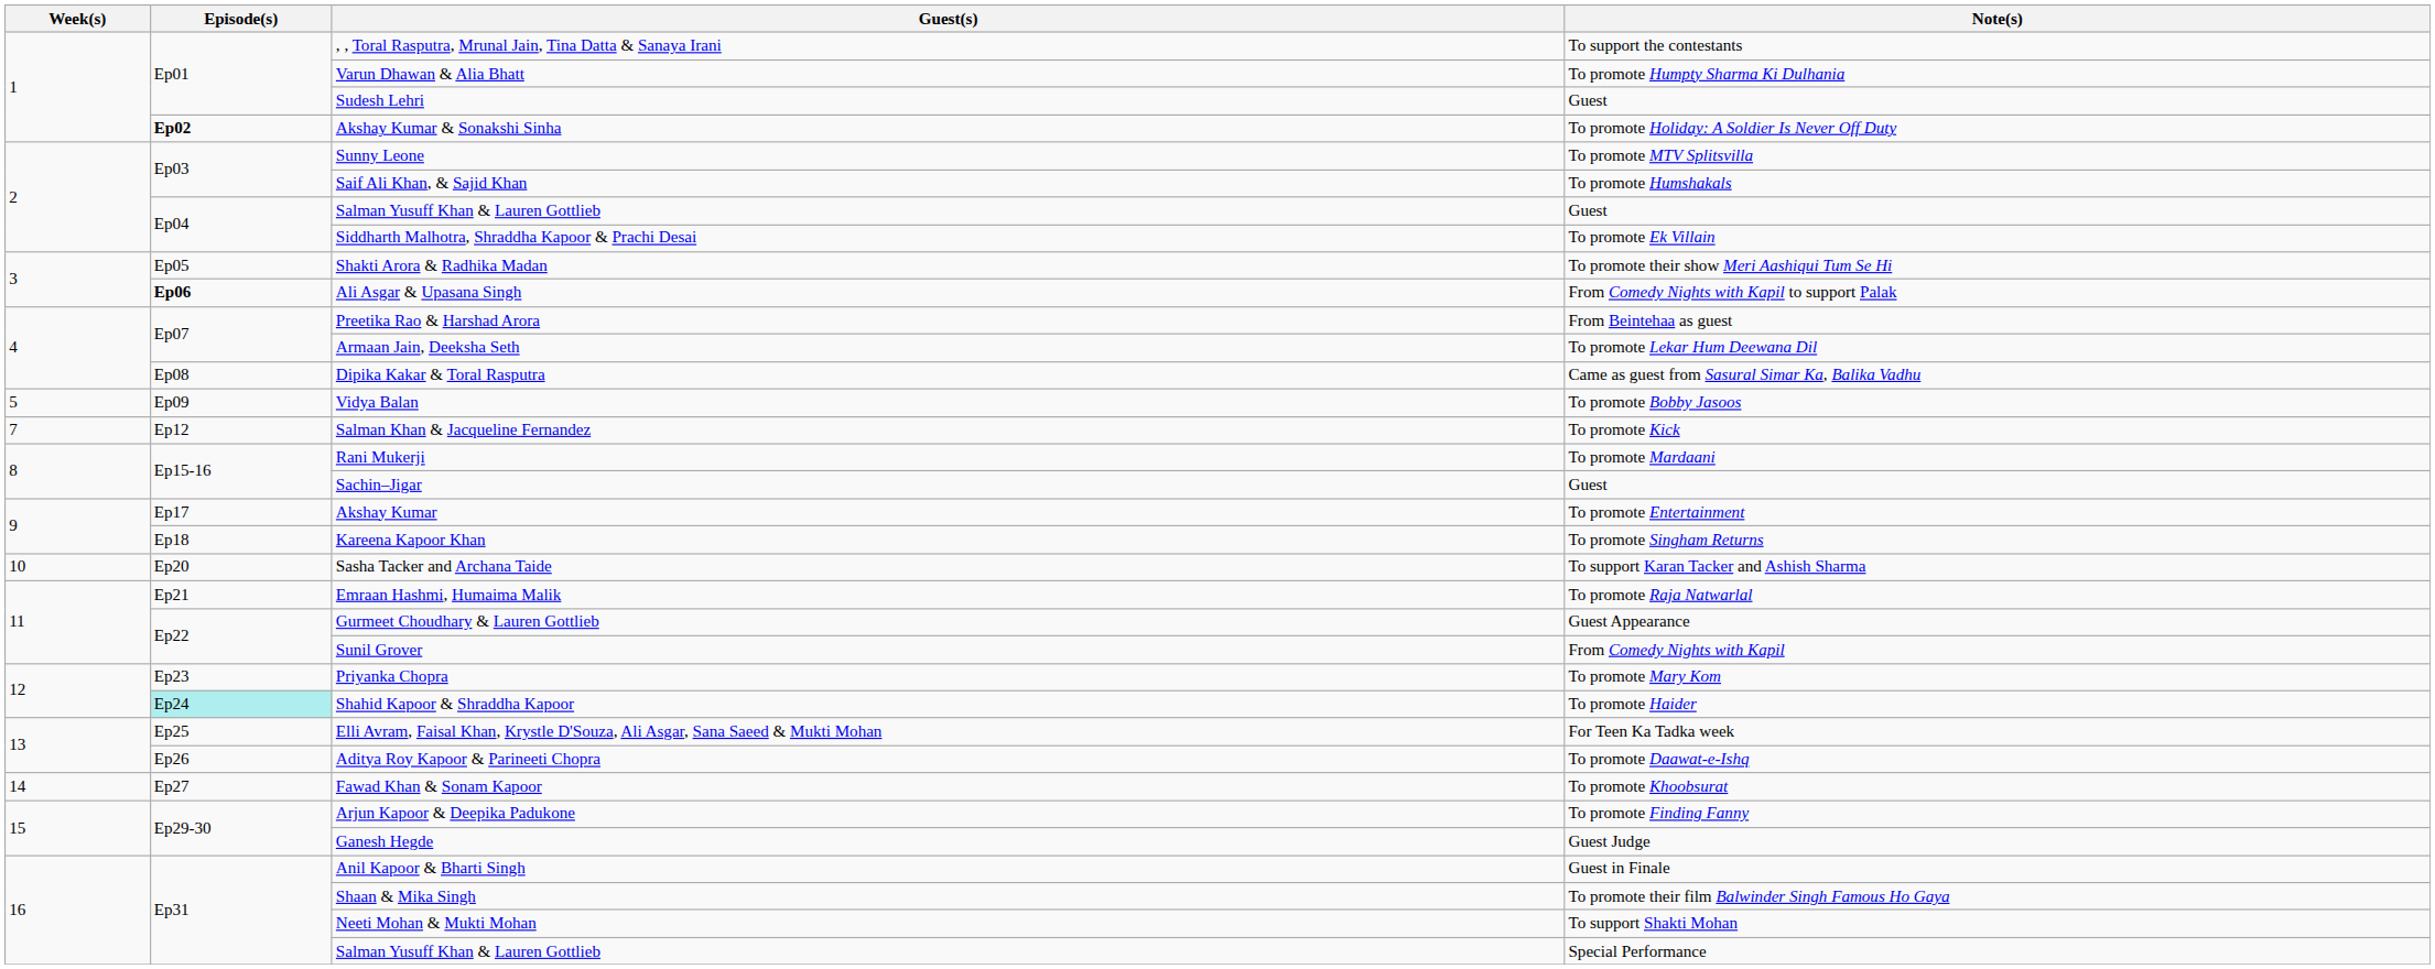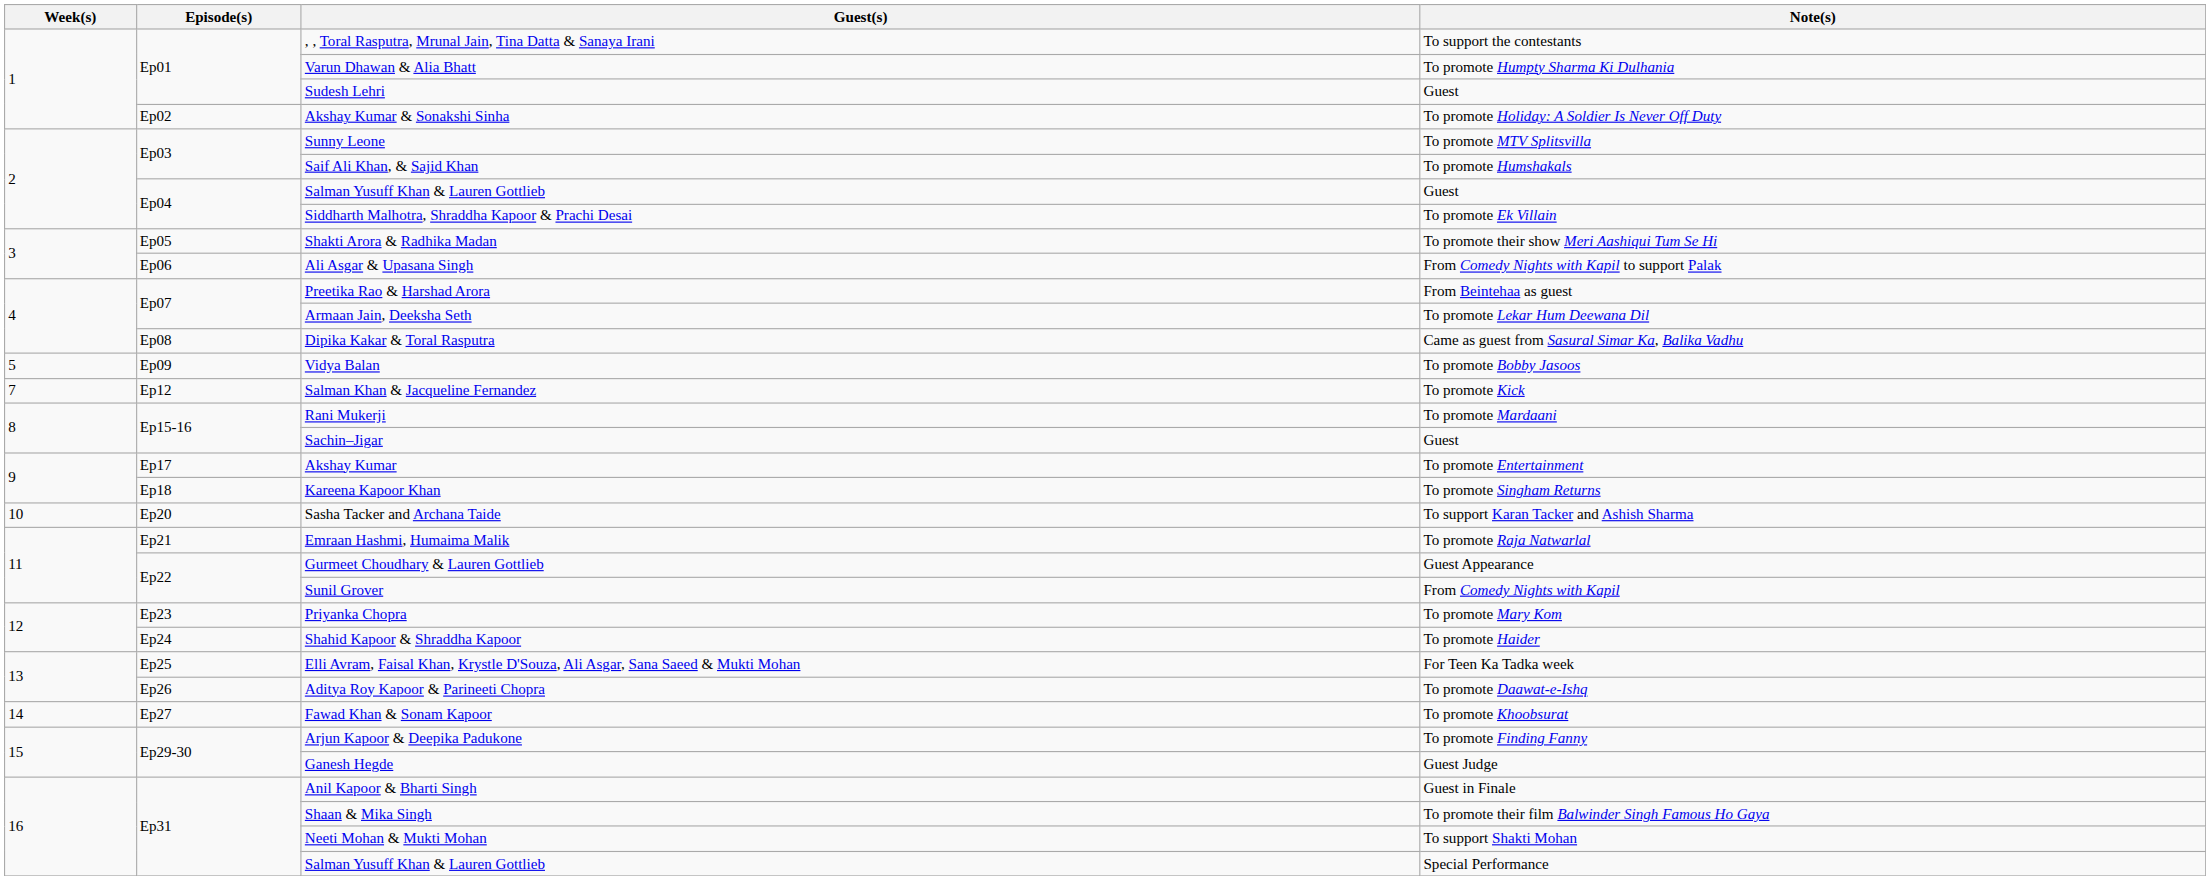 <table class="wikitable" style="font-size:85%; width:100%;">
 <tr>
 <th>Week(s)</th>
 <th>Episode(s)</th>
 <th>Guest(s)</th>
 <th>Note(s)</th>
 </tr>
 <tr>
 <td rowspan="4">1</td>
 <td rowspan="3">Ep01</td>
 <td>, , <a href='#'>Toral Rasputra</a>, <a href='#'>Mrunal Jain</a>, <a href='#'>Tina Datta</a> & <a href='#'>Sanaya Irani</a></td>
 <td>To support the contestants</td>
 </tr>
 <tr>
 <td><a href='#'>Varun Dhawan</a> & <a href='#'>Alia Bhatt</a></td>
 <td>To promote <em><a href='#'>Humpty Sharma Ki Dulhania</a></em></td>
 </tr>
 <tr>
 <td><a href='#'>Sudesh Lehri</a></td>
 <td>Guest</td>
 </tr>
 <tr>
-<td><strong>Ep02</strong></td>
+<td>Ep02</td>
 <td><a href='#'>Akshay Kumar</a> & <a href='#'>Sonakshi Sinha</a></td>
 <td>To promote <em><a href='#'>Holiday: A Soldier Is Never Off Duty</a></em></td>
 </tr>
 <tr>
 <td rowspan="4">2</td>
 <td rowspan="2">Ep03</td>
 <td><a href='#'>Sunny Leone</a></td>
 <td>To promote <em><a href='#'>MTV Splitsvilla</a></em></td>
 </tr>
 <tr>
 <td><a href='#'>Saif Ali Khan</a>,  & <a href='#'>Sajid Khan</a></td>
 <td>To promote <em><a href='#'>Humshakals</a></em></td>
 </tr>
 <tr>
 <td rowspan="2">Ep04</td>
 <td><a href='#'>Salman Yusuff Khan</a> & <a href='#'>Lauren Gottlieb</a></td>
 <td>Guest</td>
 </tr>
 <tr>
 <td><a href='#'>Siddharth Malhotra</a>, <a href='#'>Shraddha Kapoor</a> & <a href='#'>Prachi Desai</a></td>
 <td>To promote <em><a href='#'>Ek Villain</a></em></td>
 </tr>
 <tr>
 <td rowspan="2">3</td>
 <td>Ep05</td>
 <td><a href='#'>Shakti Arora</a> & <a href='#'>Radhika Madan</a></td>
 <td>To promote their show <em><a href='#'>Meri Aashiqui Tum Se Hi</a></em></td>
 </tr>
 <tr>
-<td><strong>Ep06</strong></td>
+<td>Ep06</td>
 <td><a href='#'>Ali Asgar</a> & <a href='#'>Upasana Singh</a></td>
 <td>From <em><a href='#'>Comedy Nights with Kapil</a></em> to support <a href='#'>Palak</a></td>
 </tr>
 <tr>
 <td rowspan="3">4</td>
 <td rowspan="2">Ep07</td>
 <td><a href='#'>Preetika Rao</a> & <a href='#'>Harshad Arora</a></td>
 <td>From <a href='#'>Beintehaa</a> as guest</td>
 </tr>
 <tr>
 <td><a href='#'>Armaan Jain</a>, <a href='#'>Deeksha Seth</a></td>
 <td>To promote <em><a href='#'>Lekar Hum Deewana Dil</a></em></td>
 </tr>
 <tr>
 <td>Ep08</td>
 <td><a href='#'>Dipika Kakar</a> & <a href='#'>Toral Rasputra</a></td>
 <td>Came as guest from <em><a href='#'>Sasural Simar Ka</a></em>, <em><a href='#'>Balika Vadhu</a></em></td>
 </tr>
 <tr>
 <td>5</td>
 <td>Ep09</td>
 <td><a href='#'>Vidya Balan</a></td>
 <td>To promote <em><a href='#'>Bobby Jasoos</a></em></td>
 </tr>
 <tr>
 <td>7</td>
 <td>Ep12</td>
 <td><a href='#'>Salman Khan</a> & <a href='#'>Jacqueline Fernandez</a></td>
 <td>To promote <em><a href='#'>Kick</a></em></td>
 </tr>
 <tr>
 <td rowspan="2">8</td>
 <td rowspan="2">Ep15-16</td>
 <td><a href='#'>Rani Mukerji</a></td>
 <td>To promote <em><a href='#'>Mardaani</a> </em></td>
 </tr>
 <tr>
 <td><a href='#'>Sachin–Jigar</a></td>
 <td>Guest</td>
 </tr>
 <tr>
 <td rowspan="2">9</td>
 <td>Ep17</td>
 <td><a href='#'>Akshay Kumar</a></td>
 <td>To promote <a href='#'><em>Entertainment</em></a></td>
 </tr>
 <tr>
 <td>Ep18</td>
 <td><a href='#'>Kareena Kapoor Khan</a></td>
 <td>To promote <em><a href='#'>Singham Returns</a></em></td>
 </tr>
 <tr>
 <td>10</td>
 <td>Ep20</td>
 <td>Sasha Tacker and <a href='#'>Archana Taide</a></td>
 <td>To support <a href='#'>Karan Tacker</a> and <a href='#'>Ashish Sharma</a></td>
 </tr>
 <tr>
 <td rowspan="3">11</td>
 <td>Ep21</td>
 <td><a href='#'>Emraan Hashmi</a>, <a href='#'>Humaima Malik</a></td>
 <td>To promote <em><a href='#'>Raja Natwarlal</a></em></td>
 </tr>
 <tr>
 <td rowspan="2">Ep22</td>
 <td><a href='#'>Gurmeet Choudhary</a> & <a href='#'>Lauren Gottlieb</a></td>
 <td>Guest Appearance</td>
 </tr>
 <tr>
 <td><a href='#'>Sunil Grover</a></td>
 <td>From <em><a href='#'>Comedy Nights with Kapil</a></em></td>
 </tr>
 <tr>
 <td rowspan="2">12</td>
 <td>Ep23</td>
 <td><a href='#'>Priyanka Chopra</a></td>
 <td>To promote <em><a href='#'>Mary Kom</a></em></td>
 </tr>
 <tr>
-<td style="background: paleturquoise;">Ep24</td>
+<td>Ep24</td>
 <td><a href='#'>Shahid Kapoor</a> & <a href='#'>Shraddha Kapoor</a></td>
 <td>To promote <em><a href='#'>Haider</a></em></td>
 </tr>
 <tr>
 <td rowspan="2">13</td>
 <td>Ep25</td>
 <td><a href='#'>Elli Avram</a>, <a href='#'>Faisal Khan</a>, <a href='#'>Krystle D'Souza</a>, <a href='#'>Ali Asgar</a>, <a href='#'>Sana Saeed</a> & <a href='#'>Mukti Mohan</a></td>
 <td>For Teen Ka Tadka week</td>
 </tr>
 <tr>
 <td>Ep26</td>
 <td><a href='#'>Aditya Roy Kapoor</a> & <a href='#'>Parineeti Chopra</a></td>
 <td>To promote <em><a href='#'>Daawat-e-Ishq</a></em></td>
 </tr>
 <tr>
 <td>14</td>
 <td>Ep27</td>
 <td><a href='#'>Fawad Khan</a> & <a href='#'>Sonam Kapoor</a></td>
 <td>To promote <a href='#'><em>Khoobsurat</em></a></td>
 </tr>
 <tr>
 <td rowspan="2">15</td>
 <td rowspan="2">Ep29-30</td>
 <td><a href='#'>Arjun Kapoor</a> & <a href='#'>Deepika Padukone</a></td>
 <td>To promote <em><a href='#'>Finding Fanny</a></em></td>
 </tr>
 <tr>
 <td><a href='#'>Ganesh Hegde</a></td>
 <td>Guest Judge</td>
 </tr>
 <tr>
 <td rowspan="16">16</td>
 <td rowspan="16">Ep31</td>
 <td><a href='#'>Anil Kapoor</a> & <a href='#'>Bharti Singh</a></td>
 <td>Guest in Finale</td>
 </tr>
 <tr>
 <td><a href='#'>Shaan</a> & <a href='#'>Mika Singh</a></td>
 <td>To promote their film <em><a href='#'>Balwinder Singh Famous Ho Gaya</a></em></td>
 </tr>
 <tr>
 <td><a href='#'>Neeti Mohan</a> & <a href='#'>Mukti Mohan</a></td>
 <td>To support <a href='#'>Shakti Mohan</a></td>
 </tr>
 <tr>
 <td><a href='#'>Salman Yusuff Khan</a> & <a href='#'>Lauren Gottlieb</a></td>
 <td>Special Performance</td>
 </tr>
 </table>
